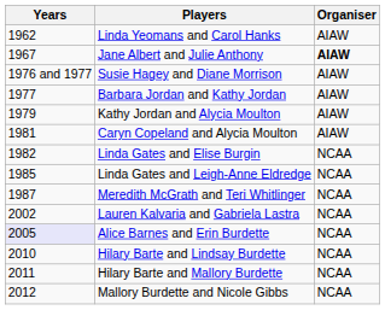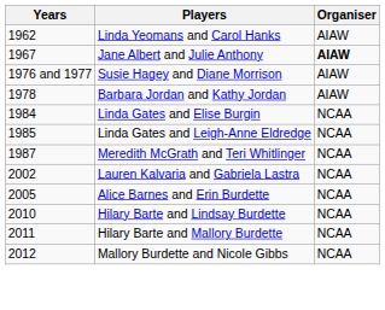 <table class="wikitable sortable">
 <tr>
 <th width=px>Years</th>
 <th width=px>Players</th>
 <th width=px>Organiser</th>
 </tr>
 <tr>
 <td>1962</td>
 <td><a href='#'>Linda Yeomans</a> and <a href='#'>Carol Hanks</a></td>
 <td>AIAW</td>
 </tr>
 <tr>
 <td>1967</td>
 <td><a href='#'>Jane Albert</a> and <a href='#'>Julie Anthony</a></td>
 <td><strong>AIAW</strong></td>
 </tr>
 <tr>
 <td>1976 and 1977</td>
 <td><a href='#'>Susie Hagey</a> and <a href='#'>Diane Morrison</a></td>
 <td>AIAW</td>
 </tr>
 <tr>
-<td>1977</td>
+<td>1978</td>
 <td><a href='#'>Barbara Jordan</a> and <a href='#'>Kathy Jordan</a></td>
 <td>AIAW</td>
 </tr>
 <tr>
-<td>1979</td>
-<td>Kathy Jordan and <a href='#'>Alycia Moulton</a></td>
-<td>AIAW</td>
-</tr>
-<tr>
-<td>1981</td>
-<td><a href='#'>Caryn Copeland</a> and Alycia Moulton</td>
-<td>AIAW</td>
-</tr>
-<tr>
-<td>1982</td>
+<td>1984</td>
 <td><a href='#'>Linda Gates</a> and <a href='#'>Elise Burgin</a></td>
 <td>NCAA</td>
 </tr>
 <tr>
 <td>1985</td>
 <td>Linda Gates and <a href='#'>Leigh-Anne Eldredge</a></td>
 <td>NCAA</td>
 </tr>
 <tr>
 <td>1987</td>
 <td><a href='#'>Meredith McGrath</a> and <a href='#'>Teri Whitlinger</a></td>
 <td>NCAA</td>
 </tr>
 <tr>
 <td>2002</td>
 <td><a href='#'>Lauren Kalvaria</a> and <a href='#'>Gabriela Lastra</a></td>
 <td>NCAA</td>
 </tr>
 <tr>
-<td style="background: lavender;">2005</td>
+<td>2005</td>
 <td><a href='#'>Alice Barnes</a> and <a href='#'>Erin Burdette</a></td>
 <td>NCAA</td>
 </tr>
 <tr>
 <td>2010</td>
 <td><a href='#'>Hilary Barte</a> and <a href='#'>Lindsay Burdette</a></td>
 <td>NCAA</td>
 </tr>
 <tr>
 <td>2011</td>
 <td>Hilary Barte and <a href='#'>Mallory Burdette</a></td>
 <td>NCAA</td>
 </tr>
 <tr>
 <td>2012</td>
 <td>Mallory Burdette and Nicole Gibbs</td>
 <td>NCAA</td>
 </tr>
 </table>
